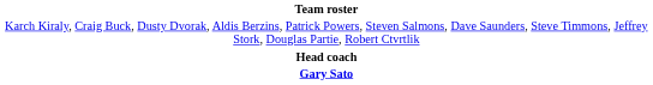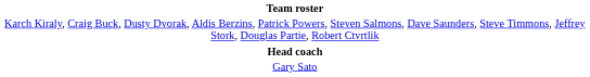 <table style="text-align:center; margin-top:2em; margin-left:auto; margin-right:auto">
 <tr>
 <td><strong>Team roster</strong></td>
 </tr>
 <tr>
 <td><a href='#'>Karch Kiraly</a>, <a href='#'>Craig Buck</a>, <a href='#'>Dusty Dvorak</a>, <a href='#'>Aldis Berzins</a>, <a href='#'>Patrick Powers</a>, <a href='#'>Steven Salmons</a>, <a href='#'>Dave Saunders</a>, <a href='#'>Steve Timmons</a>, <a href='#'>Jeffrey Stork</a>, <a href='#'>Douglas Partie</a>, <a href='#'>Robert Ctvrtlik</a></td>
 </tr>
 <tr>
 <td><strong>Head coach</strong></td>
 </tr>
 <tr>
-<td><strong><a href='#'>Gary Sato</a></strong></td>
+<td><a href='#'>Gary Sato</a></td>
 </tr>
 <tr>
 </tr>
 </table>
